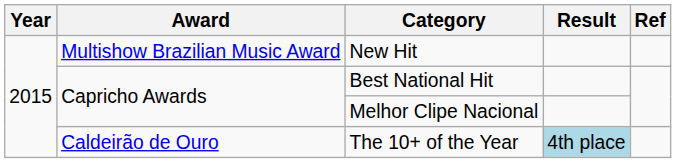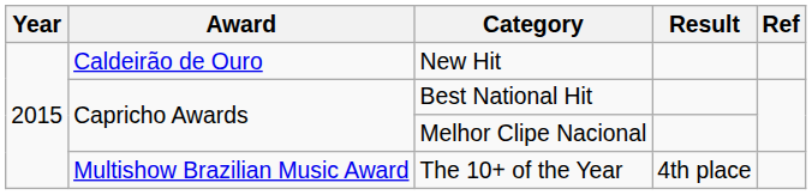 <table class="wikitable" style="font-size: 90%;">
 <tr>
 <th>Year</th>
 <th>Award</th>
 <th>Category</th>
 <th>Result</th>
 <th>Ref</th>
 </tr>
 <tr>
 <td rowspan="5">2015</td>
-<td><a href='#'>Multishow Brazilian Music Award</a></td>
+<td><a href='#'>Caldeirão de Ouro</a></td>
 <td>New Hit</td>
 <td></td>
 <td></td>
 </tr>
 <tr>
 <td rowspan="2">Capricho Awards</td>
 <td>Best National Hit</td>
 <td></td>
 <td rowspan="2"></td>
 </tr>
 <tr>
 <td>Melhor Clipe Nacional</td>
 <td></td>
 </tr>
 <tr>
-<td><a href='#'>Caldeirão de Ouro</a></td>
+<td><a href='#'>Multishow Brazilian Music Award</a></td>
 <td>The 10+ of the Year</td>
-<td style="background: lightblue;">4th place</td>
+<td>4th place</td>
 <td></td>
 </tr>
 </table>
